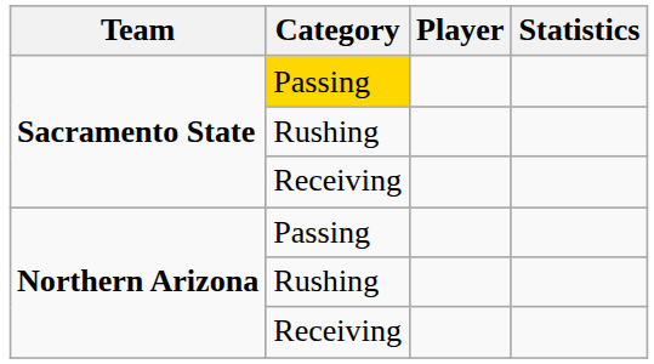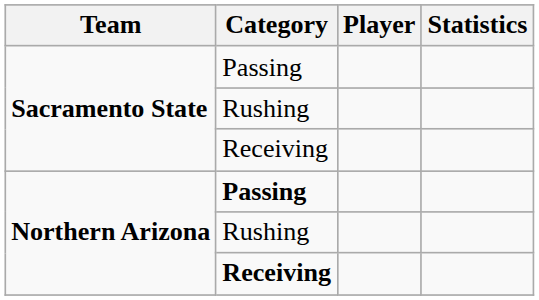 <table class="wikitable" style="float: right;">
 <tr>
 <th>Team</th>
 <th>Category</th>
 <th>Player</th>
 <th>Statistics</th>
 </tr>
 <tr>
 <td rowspan=3><strong>Sacramento State</strong></td>
-<td style="background: gold;">Passing</td>
+<td>Passing</td>
 <td></td>
 <td></td>
 </tr>
 <tr>
 <td>Rushing</td>
 <td></td>
 <td></td>
 </tr>
 <tr>
 <td>Receiving</td>
 <td></td>
 <td></td>
 </tr>
 <tr>
 <td rowspan=3><strong>Northern Arizona</strong></td>
-<td>Passing</td>
+<td><strong>Passing</strong></td>
 <td></td>
 <td></td>
 </tr>
 <tr>
 <td>Rushing</td>
 <td></td>
 <td></td>
 </tr>
 <tr>
-<td>Receiving</td>
+<td><strong>Receiving</strong></td>
 <td></td>
 <td></td>
 </tr>
 </table>
